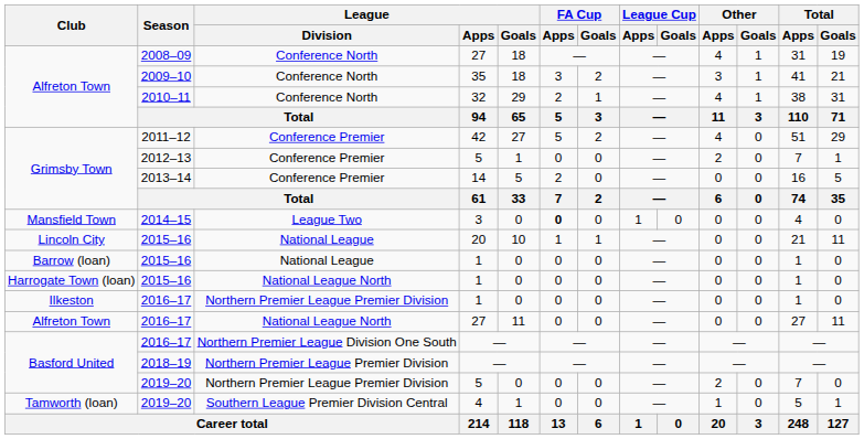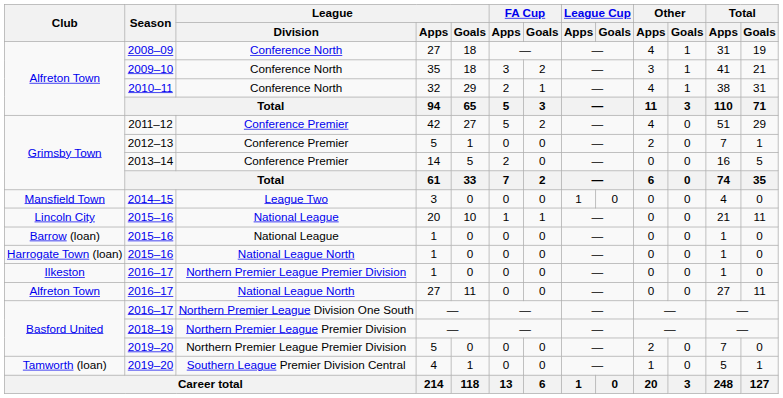 <table class="wikitable" style="text-align:center">
 <tr>
 <th rowspan="2">Club</th>
 <th rowspan="2">Season</th>
 <th colspan="3">League</th>
 <th colspan="2"><a href='#'>FA Cup</a></th>
 <th colspan="2"><a href='#'>League Cup</a></th>
 <th colspan="2">Other</th>
 <th colspan="2">Total</th>
 </tr>
 <tr>
 <th>Division</th>
 <th>Apps</th>
 <th>Goals</th>
 <th>Apps</th>
 <th>Goals</th>
 <th>Apps</th>
 <th>Goals</th>
 <th>Apps</th>
 <th>Goals</th>
 <th>Apps</th>
 <th>Goals</th>
 </tr>
 <tr>
 <td rowspan="4"><a href='#'>Alfreton Town</a></td>
 <td><a href='#'>2008–09</a></td>
 <td><a href='#'>Conference North</a></td>
 <td>27</td>
 <td>18</td>
 <td colspan="2">—</td>
 <td colspan="2">—</td>
 <td>4</td>
 <td>1</td>
 <td>31</td>
 <td>19</td>
 </tr>
 <tr>
 <td><a href='#'>2009–10</a></td>
 <td>Conference North</td>
 <td>35</td>
 <td>18</td>
 <td>3</td>
 <td>2</td>
 <td colspan="2">—</td>
 <td>3</td>
 <td>1</td>
 <td>41</td>
 <td>21</td>
 </tr>
 <tr>
 <td><a href='#'>2010–11</a></td>
 <td>Conference North</td>
 <td>32</td>
 <td>29</td>
 <td>2</td>
 <td>1</td>
 <td colspan="2">—</td>
 <td>4</td>
 <td>1</td>
 <td>38</td>
 <td>31</td>
 </tr>
 <tr>
 <th colspan="2">Total</th>
 <th>94</th>
 <th>65</th>
 <th>5</th>
 <th>3</th>
 <th colspan="2">—</th>
 <th>11</th>
 <th>3</th>
 <th>110</th>
 <th>71</th>
 </tr>
 <tr>
 <td rowspan="4"><a href='#'>Grimsby Town</a></td>
 <td>2011–12</td>
 <td><a href='#'>Conference Premier</a></td>
 <td>42</td>
 <td>27</td>
 <td>5</td>
 <td>2</td>
 <td colspan="2">—</td>
 <td>4</td>
 <td>0</td>
 <td>51</td>
 <td>29</td>
 </tr>
 <tr>
 <td>2012–13</td>
 <td>Conference Premier</td>
 <td>5</td>
 <td>1</td>
 <td>0</td>
 <td>0</td>
 <td colspan="2">—</td>
 <td>2</td>
 <td>0</td>
 <td>7</td>
 <td>1</td>
 </tr>
 <tr>
 <td>2013–14</td>
 <td>Conference Premier</td>
 <td>14</td>
 <td>5</td>
 <td>2</td>
 <td>0</td>
 <td colspan="2">—</td>
 <td>0</td>
 <td>0</td>
 <td>16</td>
 <td>5</td>
 </tr>
 <tr>
 <th colspan="2">Total</th>
 <th>61</th>
 <th>33</th>
 <th>7</th>
 <th>2</th>
 <th colspan="2">—</th>
 <th>6</th>
 <th>0</th>
 <th>74</th>
 <th>35</th>
 </tr>
 <tr>
 <td><a href='#'>Mansfield Town</a></td>
 <td><a href='#'>2014–15</a></td>
 <td><a href='#'>League Two</a></td>
 <td>3</td>
 <td>0</td>
-<td><strong>0</strong></td>
+<td>0</td>
 <td>0</td>
 <td>1</td>
 <td>0</td>
 <td>0</td>
 <td>0</td>
 <td>4</td>
 <td>0</td>
 </tr>
 <tr>
 <td><a href='#'>Lincoln City</a></td>
 <td><a href='#'>2015–16</a></td>
 <td><a href='#'>National League</a></td>
 <td>20</td>
 <td>10</td>
 <td>1</td>
 <td>1</td>
 <td colspan="2">—</td>
 <td>0</td>
 <td>0</td>
 <td>21</td>
 <td>11</td>
 </tr>
 <tr>
 <td rowspan="1"><a href='#'>Barrow</a> (loan)</td>
 <td><a href='#'>2015–16</a></td>
 <td>National League</td>
 <td>1</td>
 <td>0</td>
 <td>0</td>
 <td>0</td>
 <td colspan="2">—</td>
 <td>0</td>
 <td>0</td>
 <td>1</td>
 <td>0</td>
 </tr>
 <tr>
 <td><a href='#'>Harrogate Town</a> (loan)</td>
 <td><a href='#'>2015–16</a></td>
 <td><a href='#'>National League North</a></td>
 <td>1</td>
 <td>0</td>
 <td>0</td>
 <td>0</td>
 <td colspan="2">—</td>
 <td>0</td>
 <td>0</td>
 <td>1</td>
 <td>0</td>
 </tr>
 <tr>
 <td><a href='#'>Ilkeston</a></td>
 <td><a href='#'>2016–17</a></td>
 <td><a href='#'>Northern Premier League Premier Division</a></td>
 <td>1</td>
 <td>0</td>
 <td>0</td>
 <td>0</td>
 <td colspan="2">—</td>
 <td>0</td>
 <td>0</td>
 <td>1</td>
 <td>0</td>
 </tr>
 <tr>
 <td><a href='#'>Alfreton Town</a></td>
 <td><a href='#'>2016–17</a></td>
 <td><a href='#'>National League North</a></td>
 <td>27</td>
 <td>11</td>
 <td>0</td>
 <td>0</td>
 <td colspan="2">—</td>
 <td>0</td>
 <td>0</td>
 <td>27</td>
 <td>11</td>
 </tr>
 <tr>
 <td rowspan="3"><a href='#'>Basford United</a></td>
 <td><a href='#'>2016–17</a></td>
 <td><a href='#'>Northern Premier League</a> Division One South</td>
 <td colspan="2">—</td>
 <td colspan="2">—</td>
 <td colspan="2">—</td>
 <td colspan="2">—</td>
 <td colspan="2">—</td>
 </tr>
 <tr>
 <td><a href='#'>2018–19</a></td>
 <td><a href='#'>Northern Premier League</a> Premier Division</td>
 <td colspan="2">—</td>
 <td colspan="2">—</td>
 <td colspan="2">—</td>
 <td colspan="2">—</td>
 <td colspan="2">—</td>
 </tr>
 <tr>
 <td><a href='#'>2019–20</a></td>
 <td>Northern Premier League Premier Division</td>
 <td>5</td>
 <td>0</td>
 <td>0</td>
 <td>0</td>
 <td colspan="2">—</td>
 <td>2</td>
 <td>0</td>
 <td>7</td>
 <td>0</td>
 </tr>
 <tr>
 <td><a href='#'>Tamworth</a> (loan)</td>
 <td><a href='#'>2019–20</a></td>
 <td><a href='#'>Southern League</a> Premier Division Central</td>
 <td>4</td>
 <td>1</td>
 <td>0</td>
 <td>0</td>
 <td colspan="2">—</td>
 <td>1</td>
 <td>0</td>
 <td>5</td>
 <td>1</td>
 </tr>
 <tr>
 <th colspan="3">Career total</th>
 <th>214</th>
 <th>118</th>
 <th>13</th>
 <th>6</th>
 <th>1</th>
 <th>0</th>
 <th>20</th>
 <th>3</th>
 <th>248</th>
 <th>127</th>
 </tr>
 </table>
